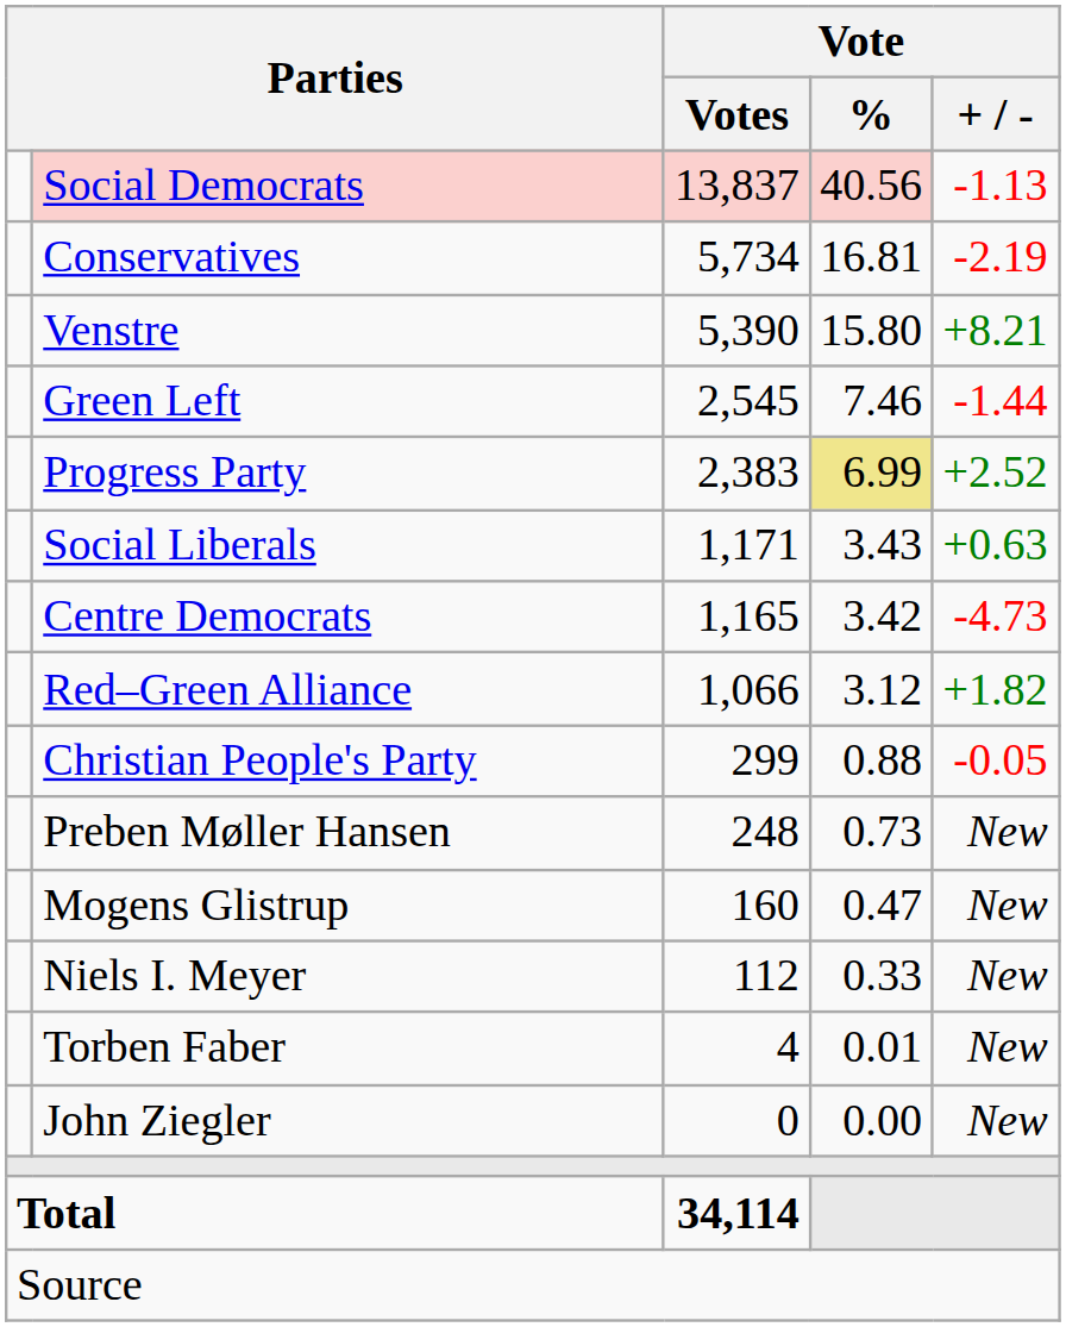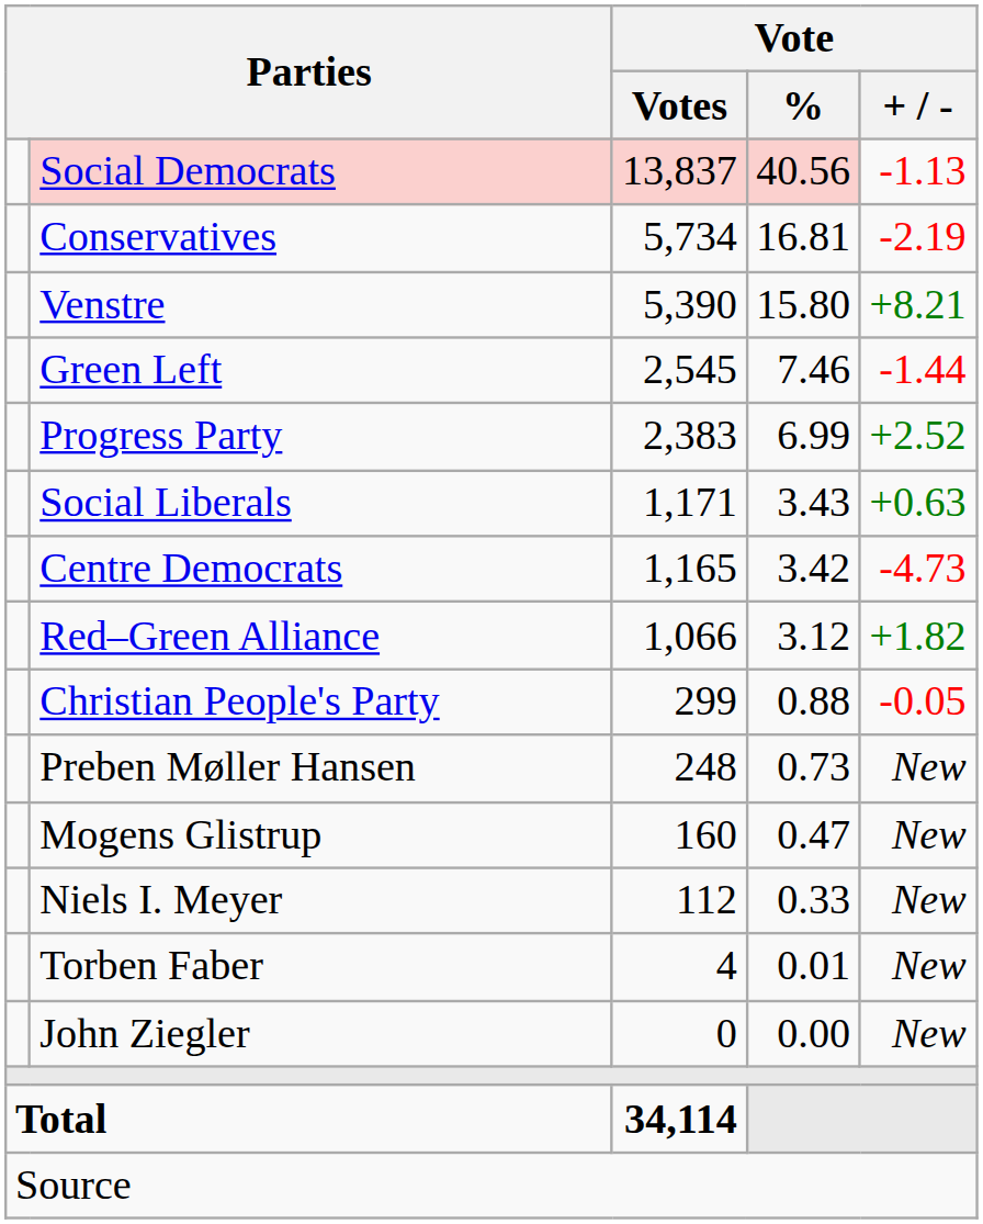 <table class="wikitable" style="text-align:right;">
 <tr>
 <th style="text-align:centre;" rowspan="2" colspan="2" width="225">Parties</th>
 <th colspan="3">Vote</th>
 </tr>
 <tr>
 <th width="15">Votes</th>
 <th width="15">%</th>
 <th width="15">+ / -</th>
 </tr>
 <tr>
 <td width="2" style="color:inherit;background:"></td>
 <td bgcolor=#fbd0ce  align="left"><a href='#'>Social Democrats</a></td>
 <td bgcolor=#fbd0ce>13,837</td>
 <td bgcolor=#fbd0ce>40.56</td>
 <td style=color:red;>-1.13</td>
 </tr>
 <tr>
 <td width="2" style="color:inherit;background:"></td>
 <td align="left"><a href='#'>Conservatives</a></td>
 <td>5,734</td>
 <td>16.81</td>
 <td style=color:red;>-2.19</td>
 </tr>
 <tr>
 <td width="2" style="color:inherit;background:"></td>
 <td align="left"><a href='#'>Venstre</a></td>
 <td>5,390</td>
 <td>15.80</td>
 <td style=color:green;>+8.21</td>
 </tr>
 <tr>
 <td width="2" style="color:inherit;background:"></td>
 <td align="left"><a href='#'>Green Left</a></td>
 <td>2,545</td>
 <td>7.46</td>
 <td style=color:red;>-1.44</td>
 </tr>
 <tr>
 <td width="2" style="color:inherit;background:"></td>
 <td align="left"><a href='#'>Progress Party</a></td>
 <td>2,383</td>
-<td style="background: khaki;">6.99</td>
+<td>6.99</td>
 <td style=color:green;>+2.52</td>
 </tr>
 <tr>
 <td width="2" style="color:inherit;background:"></td>
 <td align="left"><a href='#'>Social Liberals</a></td>
 <td>1,171</td>
 <td>3.43</td>
 <td style=color:green;>+0.63</td>
 </tr>
 <tr>
 <td width="2" style="color:inherit;background:"></td>
 <td align="left"><a href='#'>Centre Democrats</a></td>
 <td>1,165</td>
 <td>3.42</td>
 <td style=color:red;>-4.73</td>
 </tr>
 <tr>
 <td width="2" style="color:inherit;background:"></td>
 <td align="left"><a href='#'>Red–Green Alliance</a></td>
 <td>1,066</td>
 <td>3.12</td>
 <td style=color:green;>+1.82</td>
 </tr>
 <tr>
 <td width="2" style="color:inherit;background:"></td>
 <td align="left"><a href='#'>Christian People's Party</a></td>
 <td>299</td>
 <td>0.88</td>
 <td style=color:red;>-0.05</td>
 </tr>
 <tr>
 <td width="2" style="color:inherit;background:"></td>
 <td align="left">Preben Møller Hansen</td>
 <td>248</td>
 <td>0.73</td>
 <td><em>New</em></td>
 </tr>
 <tr>
 <td width="2" style="color:inherit;background:"></td>
 <td align="left">Mogens Glistrup</td>
 <td>160</td>
 <td>0.47</td>
 <td><em>New</em></td>
 </tr>
 <tr>
 <td width="2" style="color:inherit;background:"></td>
 <td align="left">Niels I. Meyer</td>
 <td>112</td>
 <td>0.33</td>
 <td><em>New</em></td>
 </tr>
 <tr>
 <td width="2" style="color:inherit;background:"></td>
 <td align="left">Torben Faber</td>
 <td>4</td>
 <td>0.01</td>
 <td><em>New</em></td>
 </tr>
 <tr>
 <td width="2" style="color:inherit;background:"></td>
 <td align="left">John Ziegler</td>
 <td>0</td>
 <td>0.00</td>
 <td><em>New</em></td>
 </tr>
 <tr>
 <td colspan="7" bgcolor="#E9E9E9"></td>
 </tr>
 <tr>
 <td align="left" colspan="2"><strong>Total</strong></td>
 <td><strong>34,114</strong></td>
 <td bgcolor="#E9E9E9" colspan="2"></td>
 </tr>
 <tr>
 <td align="left" colspan="6">Source</td>
 </tr>
 </table>
